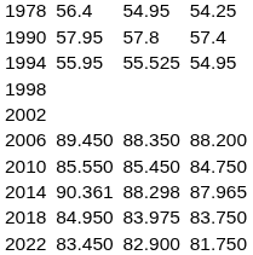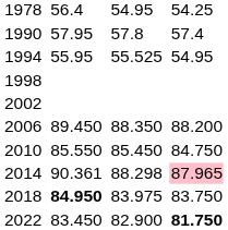 <table>
 <tr>
 <td>1978</td>
 <td></td>
 <td>56.4</td>
 <td></td>
 <td>54.95</td>
 <td></td>
 <td>54.25</td>
 </tr>
 <tr>
 <td>1990</td>
 <td></td>
 <td>57.95</td>
 <td></td>
 <td>57.8</td>
 <td></td>
 <td>57.4</td>
 </tr>
 <tr>
 <td>1994</td>
 <td></td>
 <td>55.95</td>
 <td></td>
 <td>55.525</td>
 <td></td>
 <td>54.95</td>
 </tr>
 <tr>
 <td>1998</td>
 <td></td>
 <td></td>
 <td></td>
 <td></td>
 <td></td>
 <td></td>
 </tr>
 <tr>
 <td>2002</td>
 <td></td>
 <td></td>
 <td></td>
 <td></td>
 <td></td>
 <td></td>
 </tr>
 <tr>
 <td>2006</td>
 <td></td>
 <td>89.450</td>
 <td></td>
 <td>88.350</td>
 <td></td>
 <td>88.200</td>
 </tr>
 <tr>
 <td>2010<br></td>
 <td></td>
 <td>85.550</td>
 <td></td>
 <td>85.450</td>
 <td></td>
 <td>84.750</td>
 </tr>
 <tr>
 <td>2014<br></td>
 <td></td>
 <td>90.361</td>
 <td></td>
 <td>88.298</td>
 <td></td>
-<td>87.965</td>
+<td style="background: pink;">87.965</td>
 </tr>
 <tr>
 <td>2018<br></td>
 <td></td>
-<td>84.950</td>
+<td><strong>84.950</strong></td>
 <td></td>
 <td>83.975</td>
 <td></td>
 <td>83.750</td>
 </tr>
 <tr>
 <td>2022<br></td>
 <td></td>
 <td>83.450</td>
 <td></td>
 <td>82.900</td>
 <td></td>
-<td>81.750</td>
+<td><strong>81.750</strong></td>
 </tr>
 </table>
